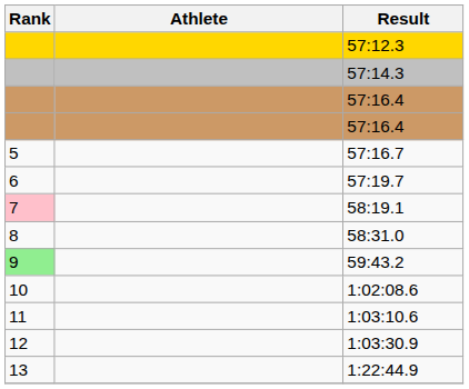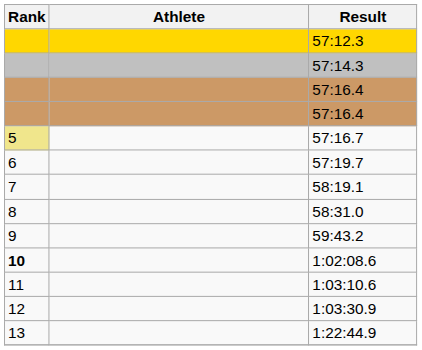 <table class="wikitable" style="font-size:95%" style="width:35em;" style="text-align:center">
 <tr>
 <th>Rank</th>
 <th width=250>Athlete</th>
 <th width=100>Result</th>
 </tr>
 <tr bgcolor=gold>
 <td></td>
 <td align=left></td>
 <td>57:12.3</td>
 </tr>
 <tr bgcolor=silver>
 <td></td>
 <td align=left></td>
 <td>57:14.3</td>
 </tr>
 <tr bgcolor=cc9966>
 <td></td>
 <td align=left></td>
 <td>57:16.4</td>
 </tr>
 <tr bgcolor=cc9966>
 <td></td>
 <td align=left></td>
 <td>57:16.4</td>
 </tr>
 <tr>
-<td>5</td>
+<td style="background: khaki;">5</td>
 <td align=left></td>
 <td>57:16.7</td>
 </tr>
 <tr>
 <td>6</td>
 <td align=left></td>
 <td>57:19.7</td>
 </tr>
 <tr>
-<td style="background: pink;">7</td>
+<td>7</td>
 <td align=left></td>
 <td>58:19.1</td>
 </tr>
 <tr>
 <td>8</td>
 <td align=left></td>
 <td>58:31.0</td>
 </tr>
 <tr>
-<td style="background: lightgreen;">9</td>
+<td>9</td>
 <td align=left></td>
 <td>59:43.2</td>
 </tr>
 <tr>
-<td>10</td>
+<td><strong>10</strong></td>
 <td align=left></td>
 <td>1:02:08.6</td>
 </tr>
 <tr>
 <td>11</td>
 <td align=left></td>
 <td>1:03:10.6</td>
 </tr>
 <tr>
 <td>12</td>
 <td align=left></td>
 <td>1:03:30.9</td>
 </tr>
 <tr>
 <td>13</td>
 <td align=left></td>
 <td>1:22:44.9</td>
 </tr>
 <tr>
 </tr>
 </table>
